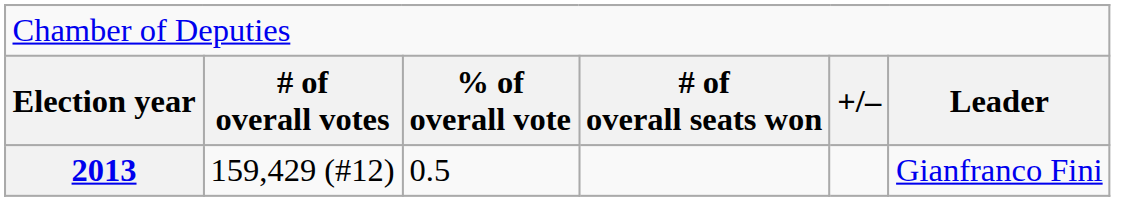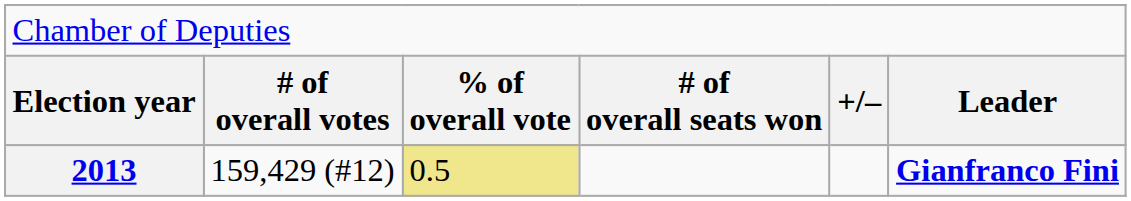 <table class=wikitable>
 <tr>
 <td colspan=7><a href='#'>Chamber of Deputies</a></td>
 </tr>
 <tr>
 <th>Election year</th>
 <th># of<br>overall votes</th>
 <th>% of<br>overall vote</th>
 <th># of<br>overall seats won</th>
 <th>+/–</th>
 <th>Leader</th>
 </tr>
 <tr>
 <th><a href='#'>2013</a></th>
 <td>159,429 (#12)</td>
-<td>0.5</td>
+<td style="background: khaki;">0.5</td>
 <td></td>
 <td></td>
-<td><a href='#'>Gianfranco Fini</a></td>
+<td><strong><a href='#'>Gianfranco Fini</a></strong></td>
 </tr>
 </table>
